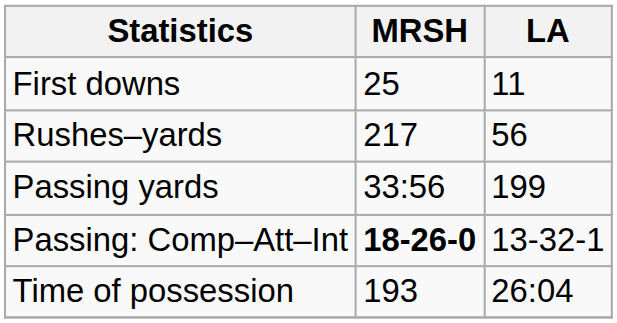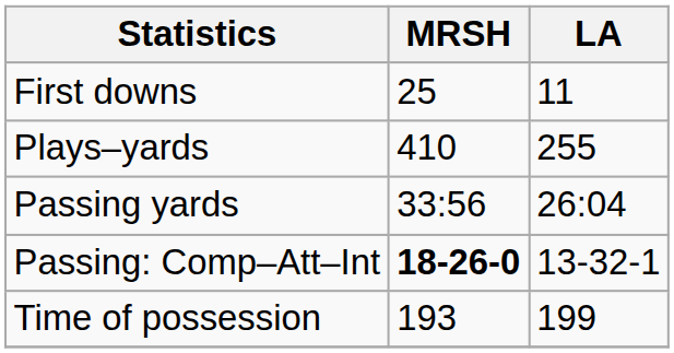 <table class="wikitable" style="float: left;">
 <tr>
 <th>Statistics</th>
 <th>MRSH</th>
 <th>LA</th>
 </tr>
 <tr>
 <td>First downs</td>
 <td>25</td>
 <td>11</td>
 </tr>
 <tr>
-<td>Rushes–yards</td>
-<td>217</td>
-<td>56</td>
+<td>Plays–yards</td>
+<td>410</td>
+<td>255</td>
 </tr>
 <tr>
 <td>Passing yards</td>
 <td>33:56</td>
-<td>199</td>
+<td>26:04</td>
 </tr>
 <tr>
 <td>Passing: Comp–Att–Int</td>
 <td><strong>18-26-0</strong></td>
 <td>13-32-1</td>
 </tr>
 <tr>
 <td>Time of possession</td>
 <td>193</td>
-<td>26:04</td>
+<td>199</td>
 </tr>
 <tr>
 </tr>
 </table>
